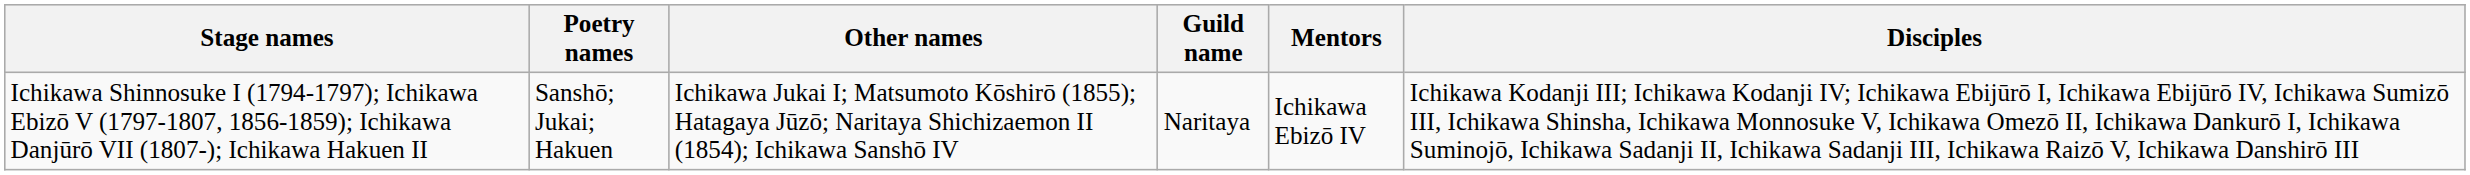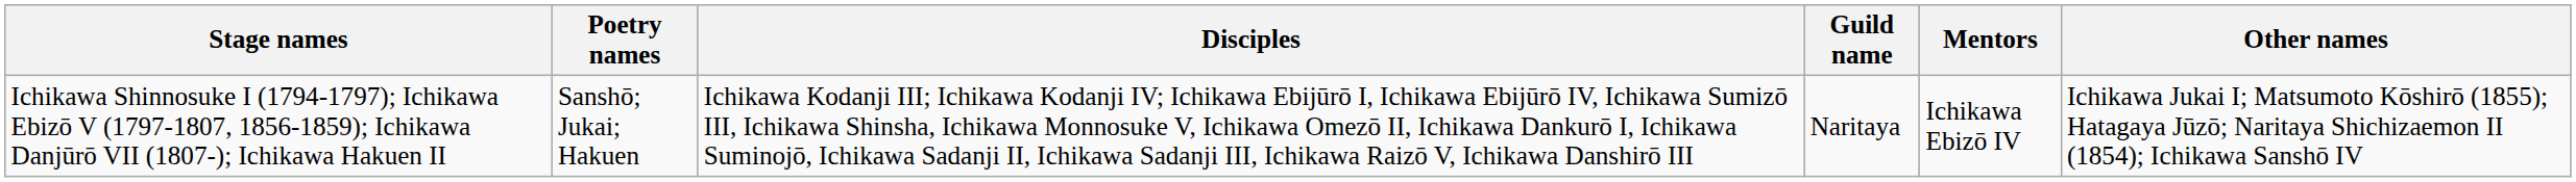 <table class="wikitable">
 <tr e in violation>
 <th>Stage names</th>
 <th>Poetry names</th>
-<th>Other names</th>
+<th>Disciples</th>
 <th>Guild name</th>
 <th>Mentors</th>
-<th>Disciples</th>
+<th>Other names</th>
 </tr>
 <tr>
 <td>Ichikawa Shinnosuke I  (1794-1797); Ichikawa Ebizō V (1797-1807, 1856-1859); Ichikawa Danjūrō VII (1807-); Ichikawa Hakuen II</td>
 <td>Sanshō; Jukai; Hakuen</td>
-<td>Ichikawa Jukai I; Matsumoto Kōshirō (1855); Hatagaya Jūzō; Naritaya Shichizaemon II (1854); Ichikawa Sanshō IV</td>
+<td>Ichikawa Kodanji III; Ichikawa Kodanji IV; Ichikawa Ebijūrō I, Ichikawa Ebijūrō IV, Ichikawa Sumizō III, Ichikawa Shinsha, Ichikawa Monnosuke V, Ichikawa Omezō II, Ichikawa Dankurō I, Ichikawa Suminojō, Ichikawa Sadanji II, Ichikawa Sadanji III, Ichikawa Raizō V, Ichikawa Danshirō III</td>
 <td>Naritaya</td>
 <td>Ichikawa Ebizō IV</td>
-<td>Ichikawa Kodanji III; Ichikawa Kodanji IV; Ichikawa Ebijūrō I, Ichikawa Ebijūrō IV, Ichikawa Sumizō III, Ichikawa Shinsha, Ichikawa Monnosuke V, Ichikawa Omezō II, Ichikawa Dankurō I, Ichikawa Suminojō, Ichikawa Sadanji II, Ichikawa Sadanji III, Ichikawa Raizō V, Ichikawa Danshirō III</td>
+<td>Ichikawa Jukai I; Matsumoto Kōshirō (1855); Hatagaya Jūzō; Naritaya Shichizaemon II (1854); Ichikawa Sanshō IV</td>
 </tr>
 </table>
